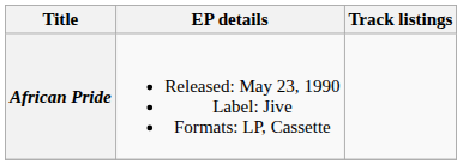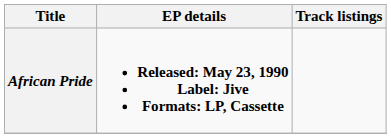 <table class="wikitable plainrowheaders" style="text-align:center;">
 <tr>
 <th>Title</th>
 <th>EP details</th>
 <th scope="col">Track listings</th>
 </tr>
 <tr>
 <th scope="row"><em>African Pride</em></th>
-<td><br><ul><li>Released: May 23, 1990</li><li>Label: Jive</li><li>Formats: LP, Cassette</li></ul></td>
+<td><strong><br><ul><li>Released: May 23, 1990</li><li>Label: Jive</li><li>Formats: LP, Cassette</li></ul></strong></td>
 <td align="left" style="font-size: 85%;"><br></td>
 </tr>
 <tr>
 </tr>
 </table>
